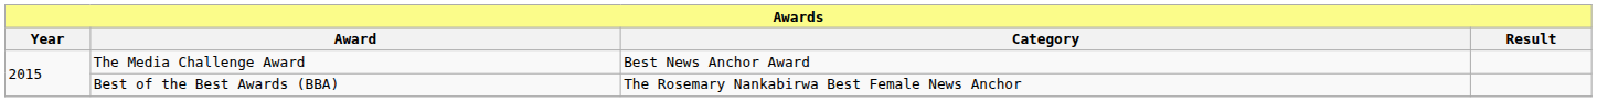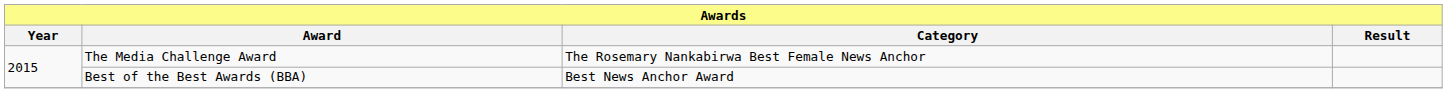 <table class="wikitable" width="74%">
 <tr>
 <th colspan="4" style="background: #FBFC8A;">Awards</th>
 </tr>
 <tr>
 <th>Year</th>
 <th>Award</th>
 <th>Category</th>
 <th>Result</th>
 </tr>
 <tr>
 <td rowspan="2">2015</td>
 <td>The Media Challenge Award</td>
-<td>Best News Anchor Award</td>
+<td>The Rosemary Nankabirwa Best Female News Anchor</td>
 <td></td>
 </tr>
 <tr>
 <td>Best of the Best Awards (BBA)</td>
-<td>The Rosemary Nankabirwa Best Female News Anchor</td>
+<td>Best News Anchor Award</td>
 <td></td>
 </tr>
 <tr>
 </tr>
 </table>
